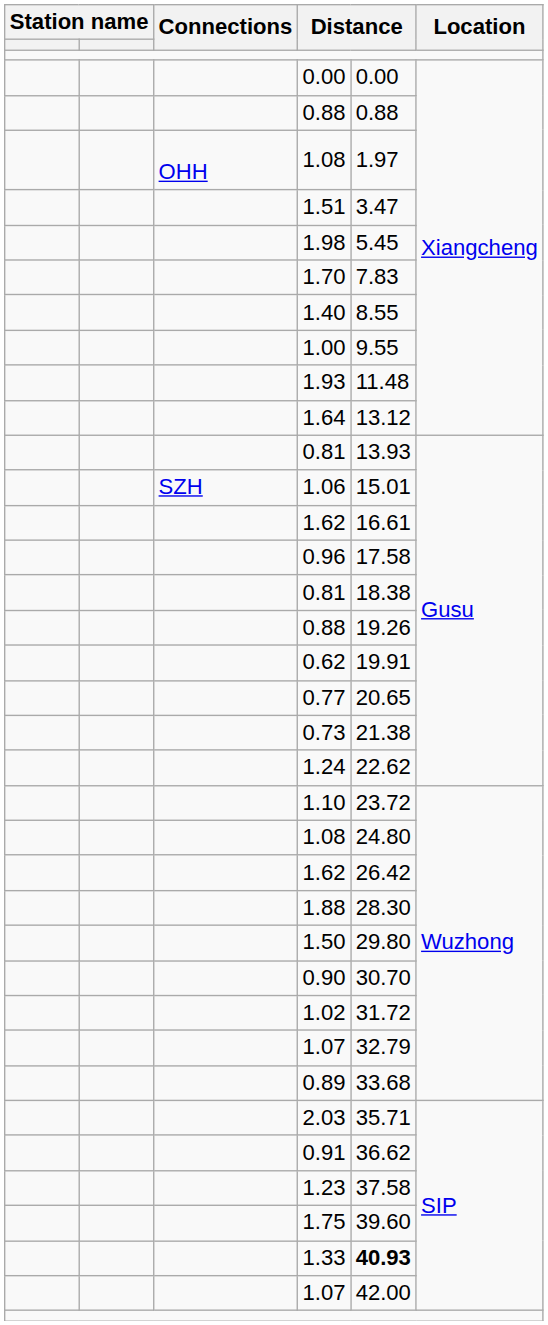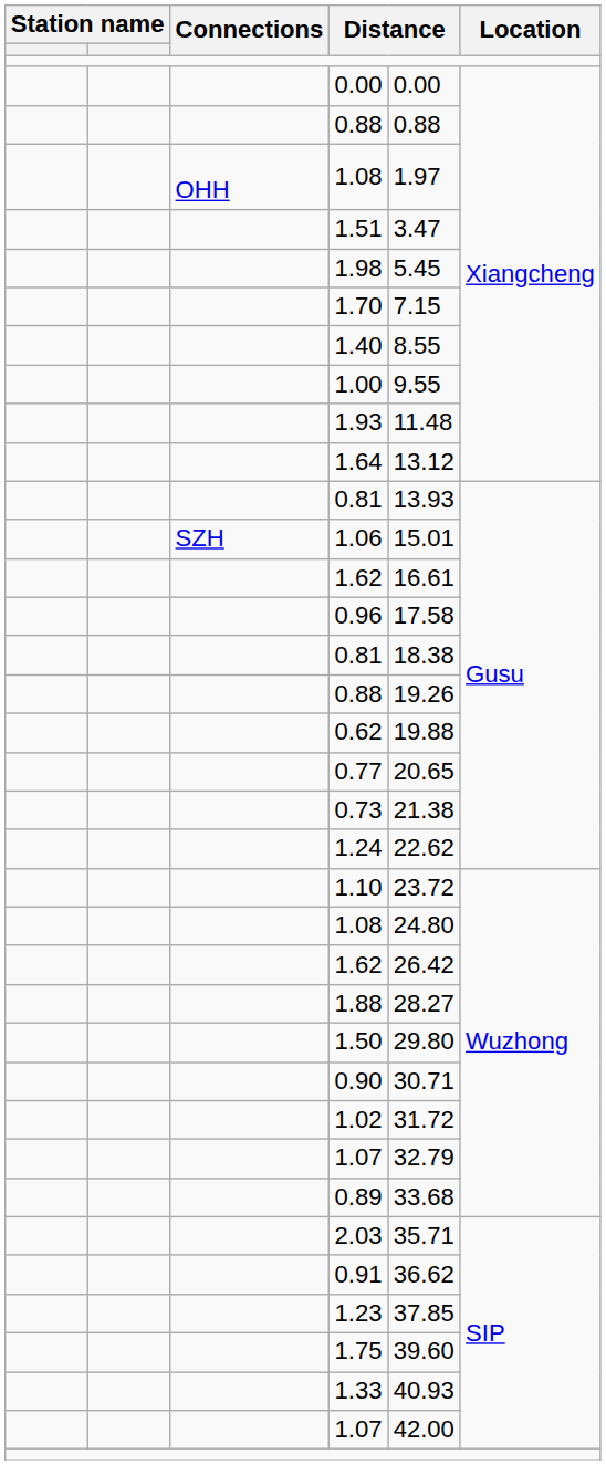 <table class="wikitable">
 <tr>
 <th colspan="2">Station name</th>
 <th rowspan="2">Connections</th>
 <th colspan="2" rowspan="2">Distance<br></th>
 <th rowspan="2">Location</th>
 </tr>
 <tr>
 <th></th>
 <th></th>
 </tr>
 <tr style="background:#">
 <td colspan = "7"></td>
 </tr>
 <tr>
 <td></td>
 <td></td>
 <td></td>
 <td>0.00</td>
 <td>0.00</td>
 <td rowspan="10"><a href='#'>Xiangcheng</a></td>
 </tr>
 <tr>
 <td></td>
 <td></td>
 <td></td>
 <td>0.88</td>
 <td>0.88</td>
 </tr>
 <tr>
 <td></td>
 <td></td>
 <td> <br> <a href='#'>OHH</a></td>
 <td>1.08</td>
 <td>1.97</td>
 </tr>
 <tr>
 <td></td>
 <td></td>
 <td></td>
 <td>1.51</td>
 <td>3.47</td>
 </tr>
 <tr>
 <td></td>
 <td></td>
 <td></td>
 <td>1.98</td>
 <td>5.45</td>
 </tr>
 <tr>
 <td></td>
 <td></td>
 <td></td>
 <td>1.70</td>
-<td>7.83</td>
+<td>7.15</td>
 </tr>
 <tr>
 <td></td>
 <td></td>
 <td></td>
 <td>1.40</td>
 <td>8.55</td>
 </tr>
 <tr>
 <td></td>
 <td></td>
 <td></td>
 <td>1.00</td>
 <td>9.55</td>
 </tr>
 <tr>
 <td></td>
 <td></td>
 <td></td>
 <td>1.93</td>
 <td>11.48</td>
 </tr>
 <tr>
 <td></td>
 <td></td>
 <td></td>
 <td>1.64</td>
 <td>13.12</td>
 </tr>
 <tr>
 <td></td>
 <td></td>
 <td></td>
 <td>0.81</td>
 <td>13.93</td>
 <td rowspan="10"><a href='#'>Gusu</a></td>
 </tr>
 <tr>
 <td></td>
 <td></td>
 <td>  <a href='#'>SZH</a></td>
 <td>1.06</td>
 <td>15.01</td>
 </tr>
 <tr>
 <td></td>
 <td></td>
 <td></td>
 <td>1.62</td>
 <td>16.61</td>
 </tr>
 <tr>
 <td></td>
 <td></td>
 <td></td>
 <td>0.96</td>
 <td>17.58</td>
 </tr>
 <tr>
 <td></td>
 <td></td>
 <td></td>
 <td>0.81</td>
 <td>18.38</td>
 </tr>
 <tr>
 <td></td>
 <td></td>
 <td></td>
 <td>0.88</td>
 <td>19.26</td>
 </tr>
 <tr>
 <td></td>
 <td></td>
 <td></td>
 <td>0.62</td>
-<td>19.91</td>
+<td>19.88</td>
 </tr>
 <tr>
 <td></td>
 <td></td>
 <td></td>
 <td>0.77</td>
 <td>20.65</td>
 </tr>
 <tr>
 <td></td>
 <td></td>
 <td></td>
 <td>0.73</td>
 <td>21.38</td>
 </tr>
 <tr>
 <td></td>
 <td></td>
 <td></td>
 <td>1.24</td>
 <td>22.62</td>
 </tr>
 <tr>
 <td></td>
 <td></td>
 <td></td>
 <td>1.10</td>
 <td>23.72</td>
 <td rowspan="9"><a href='#'>Wuzhong</a></td>
 </tr>
 <tr>
 <td></td>
 <td></td>
 <td></td>
 <td>1.08</td>
 <td>24.80</td>
 </tr>
 <tr>
 <td></td>
 <td></td>
 <td></td>
 <td>1.62</td>
 <td>26.42</td>
 </tr>
 <tr>
 <td></td>
 <td></td>
 <td></td>
 <td>1.88</td>
-<td>28.30</td>
+<td>28.27</td>
 </tr>
 <tr>
 <td></td>
 <td></td>
 <td></td>
 <td>1.50</td>
 <td>29.80</td>
 </tr>
 <tr>
 <td></td>
 <td></td>
 <td></td>
 <td>0.90</td>
-<td>30.70</td>
+<td>30.71</td>
 </tr>
 <tr>
 <td></td>
 <td></td>
 <td></td>
 <td>1.02</td>
 <td>31.72</td>
 </tr>
 <tr>
 <td></td>
 <td></td>
 <td></td>
 <td>1.07</td>
 <td>32.79</td>
 </tr>
 <tr>
 <td></td>
 <td></td>
 <td></td>
 <td>0.89</td>
 <td>33.68</td>
 </tr>
 <tr>
 <td></td>
 <td></td>
 <td></td>
 <td>2.03</td>
 <td>35.71</td>
 <td rowspan="6"><a href='#'>SIP</a></td>
 </tr>
 <tr>
 <td></td>
 <td></td>
 <td></td>
 <td>0.91</td>
 <td>36.62</td>
 </tr>
 <tr>
 <td></td>
 <td></td>
 <td></td>
 <td>1.23</td>
-<td>37.58</td>
+<td>37.85</td>
 </tr>
 <tr>
 <td></td>
 <td></td>
 <td></td>
 <td>1.75</td>
 <td>39.60</td>
 </tr>
 <tr>
 <td></td>
 <td></td>
 <td></td>
 <td>1.33</td>
-<td><strong>40.93</strong></td>
+<td>40.93</td>
 </tr>
 <tr>
 <td></td>
 <td></td>
 <td></td>
 <td>1.07</td>
 <td>42.00</td>
 </tr>
 <tr style="background:#">
 <td colspan = "7"></td>
 </tr>
 </table>
